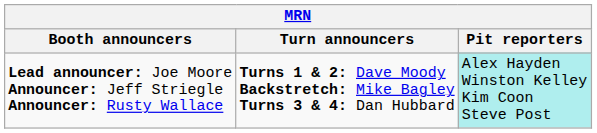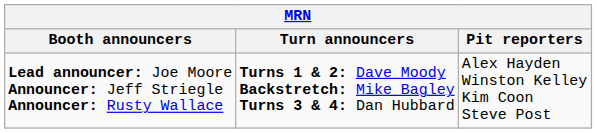 <table class="wikitable" style="font-size: 95%">
 <tr>
 <th colspan="3"><a href='#'>MRN</a></th>
 </tr>
 <tr>
 <th>Booth announcers</th>
 <th>Turn announcers</th>
 <th>Pit reporters</th>
 </tr>
 <tr>
 <td><strong>Lead announcer:</strong> Joe Moore<br><strong>Announcer:</strong> Jeff Striegle<br><strong>Announcer:</strong> <a href='#'>Rusty Wallace</a></td>
 <td><strong>Turns 1 & 2:</strong> <a href='#'>Dave Moody</a><br><strong>Backstretch:</strong> <a href='#'>Mike Bagley</a><br><strong>Turns 3 & 4:</strong> Dan Hubbard</td>
-<td style="background: paleturquoise;">Alex Hayden<br>Winston Kelley<br>Kim Coon<br>Steve Post</td>
+<td>Alex Hayden<br>Winston Kelley<br>Kim Coon<br>Steve Post</td>
 </tr>
 </table>
